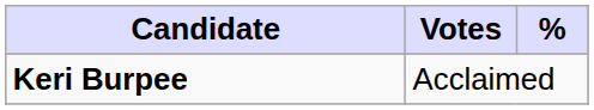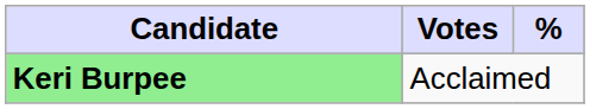 <table class="wikitable">
 <tr>
 <th style="background:#ddf; width:200px;">Candidate</th>
 <th style="background:#ddf; width:50px;">Votes</th>
 <th style="background:#ddf; width:30px;">%</th>
 </tr>
 <tr>
-<td><strong>Keri Burpee</strong></td>
+<td style="background: lightgreen;"><strong>Keri Burpee</strong></td>
 <td colspan="2">Acclaimed</td>
 </tr>
 </table>
